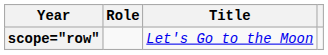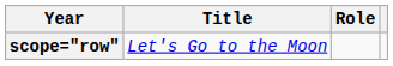 <table class="wikitable plainrowheaders sortable">
 <tr>
 <th scope="col">Year</th>
+<th scope="col">Title</th>
 <th scope="col">Role</th>
-<th scope="col">Title</th>
 <th scope="col" class="unsortable"></th>
 </tr>
 <tr>
 <th>scope="row" </th>
+<td><em><a href='#'>Let's Go to the Moon</a></em></td>
 <td></td>
-<td><em><a href='#'>Let's Go to the Moon</a></em></td>
 <td style="text-align:center"></td>
 </tr>
 </table>
